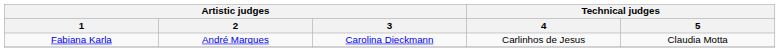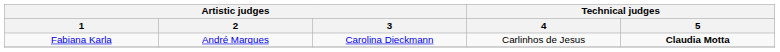 <table class="wikitable" style="font-size:100%; line-height:16px; text-align:center" width="100%">
 <tr Pasodoble>
 <th colspan=3>Artistic judges</th>
 <th colspan=2>Technical judges</th>
 </tr>
 <tr>
 <th width="20.0%">1</th>
 <th width="20.0%">2</th>
 <th width="20.0%">3</th>
 <th width="20.0%">4</th>
 <th width="20.0%">5</th>
 </tr>
 <tr>
 <td><a href='#'>Fabiana Karla</a></td>
 <td><a href='#'>André Marques</a></td>
 <td><a href='#'>Carolina Dieckmann</a></td>
 <td>Carlinhos de Jesus</td>
-<td>Claudia Motta</td>
+<td><strong>Claudia Motta</strong></td>
 </tr>
 <tr>
 </tr>
 </table>
